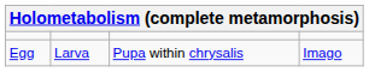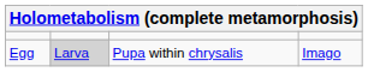 <table class="wikitable" style="margin:1em auto;">
 <tr>
 <th colspan=5><a href='#'>Holometabolism</a> (complete metamorphosis)</th>
 </tr>
 <tr>
 <td></td>
 <td></td>
 <td></td>
 <td></td>
 </tr>
 <tr>
 <td><small><a href='#'>Egg</a></small></td>
-<td><small><a href='#'>Larva</a></small></td>
+<td style="background: lightgrey;"><small><a href='#'>Larva</a></small></td>
 <td><small><a href='#'>Pupa</a> within <a href='#'>chrysalis</a></small></td>
 <td><small><a href='#'>Imago</a></small></td>
 </tr>
 </table>
